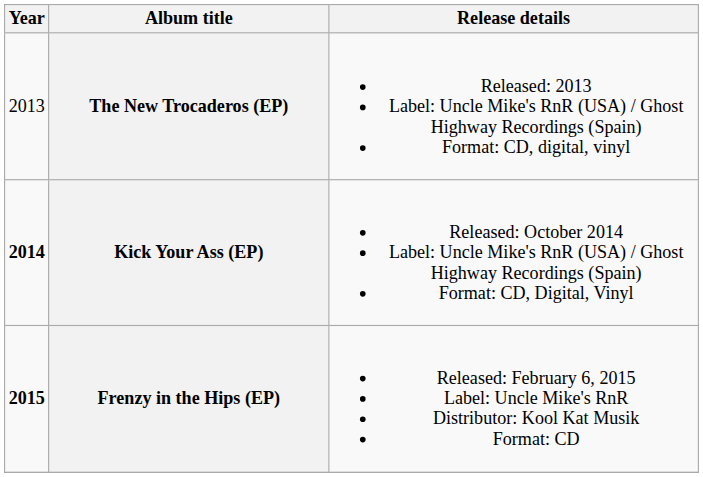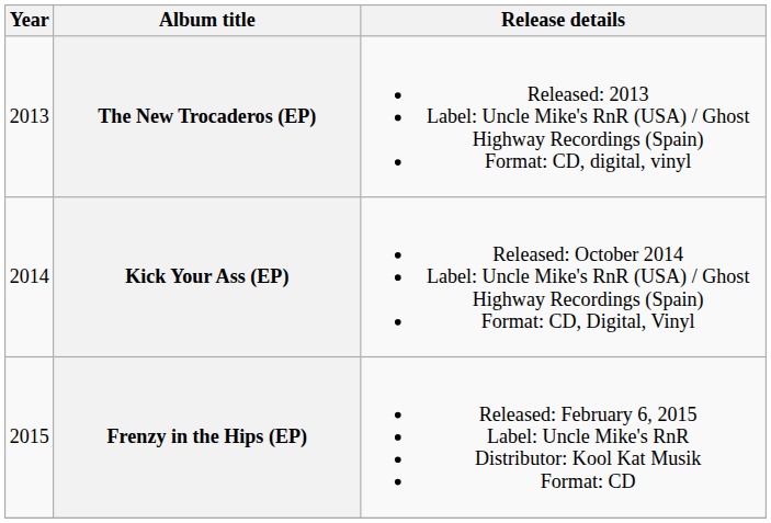 <table class="wikitable plainrowheaders" style="text-align:center;">
 <tr>
 <th>Year</th>
 <th scope="col" rowspan="1" style="width:15em;">Album title</th>
 <th scope="col" rowspan="1" style="width:20em;">Release details</th>
 </tr>
 <tr>
 <td>2013</td>
 <th>The New Trocaderos (EP)</th>
 <td><br><ul><li>Released: 2013</li><li>Label: Uncle Mike's RnR (USA) / Ghost Highway Recordings (Spain)</li><li>Format: CD, digital, vinyl</li></ul></td>
 </tr>
 <tr>
-<td><strong>2014</strong></td>
+<td>2014</td>
 <th>Kick Your Ass (EP)</th>
 <td><br><ul><li>Released: October 2014</li><li>Label: Uncle Mike's RnR (USA) / Ghost Highway Recordings (Spain)</li><li>Format: CD, Digital, Vinyl</li></ul></td>
 </tr>
 <tr>
-<td><strong>2015</strong></td>
+<td>2015</td>
 <th>Frenzy in the Hips (EP)</th>
 <td><br><ul><li>Released: February 6, 2015</li><li>Label: Uncle Mike's RnR</li><li>Distributor: Kool Kat Musik</li><li>Format: CD</li></ul></td>
 </tr>
 <tr>
 </tr>
 </table>
